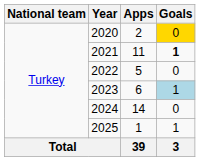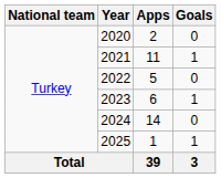 <table class="wikitable" style="text-align:center">
 <tr>
 <th>National team</th>
 <th>Year</th>
 <th>Apps</th>
 <th>Goals</th>
 </tr>
 <tr>
 <td rowspan=6><a href='#'>Turkey</a></td>
 <td>2020</td>
 <td>2</td>
-<td style="background: gold;">0</td>
+<td>0</td>
 </tr>
 <tr>
 <td>2021</td>
 <td>11</td>
-<td><strong>1</strong></td>
+<td>1</td>
 </tr>
 <tr>
 <td>2022</td>
 <td>5</td>
 <td>0</td>
 </tr>
 <tr>
 <td>2023</td>
 <td>6</td>
-<td style="background: lightblue;">1</td>
+<td>1</td>
 </tr>
 <tr>
 <td>2024</td>
 <td>14</td>
 <td>0</td>
 </tr>
 <tr>
 <td>2025</td>
 <td>1</td>
 <td>1</td>
 </tr>
 <tr>
 <th colspan=2>Total</th>
 <th>39</th>
 <th>3</th>
 </tr>
 </table>
